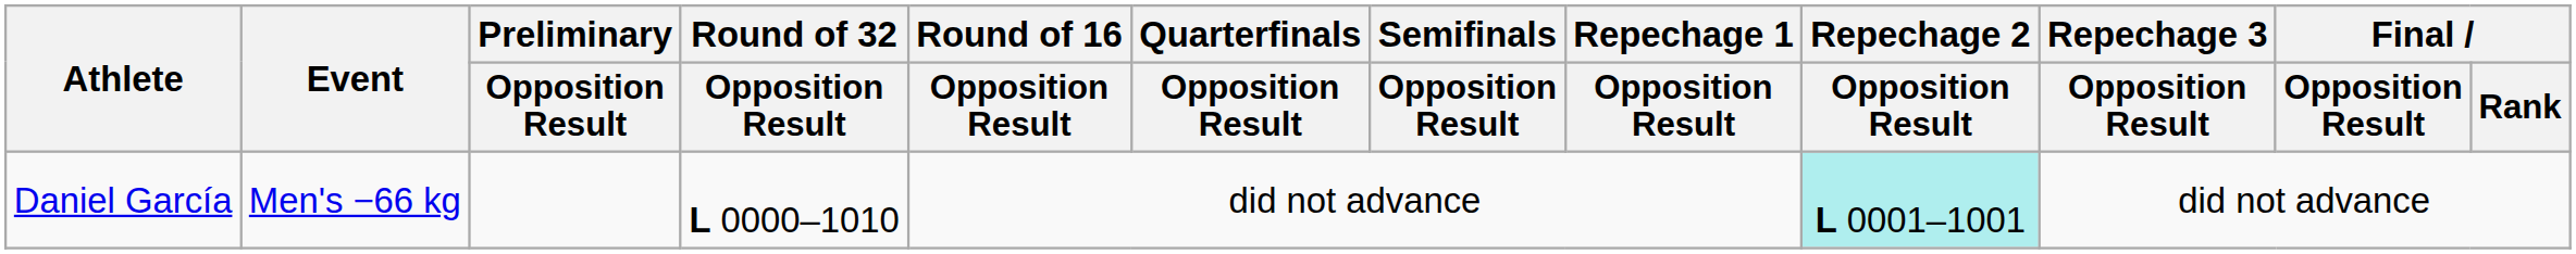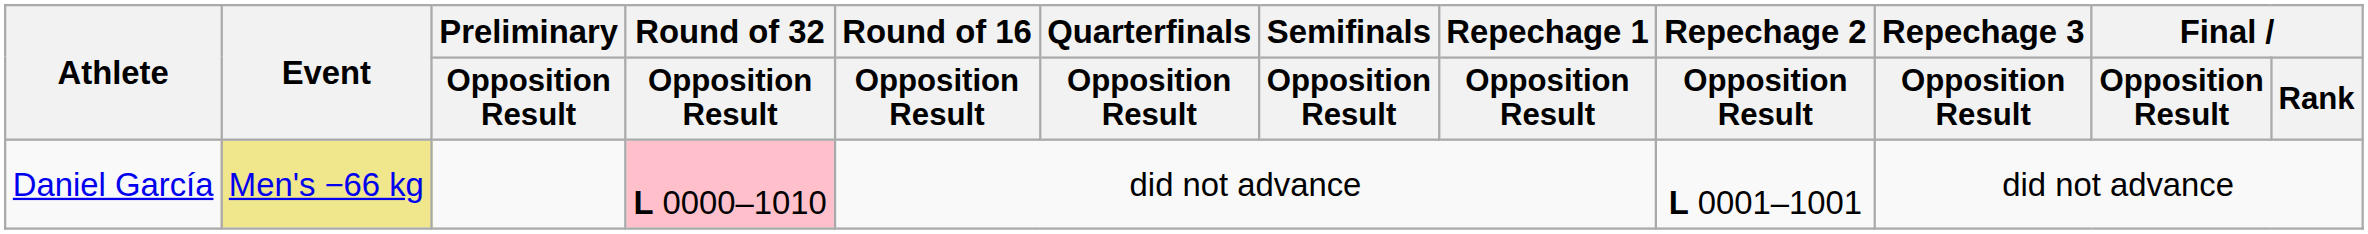 <table class="wikitable" style="font-size:90%">
 <tr>
 <th rowspan="2">Athlete</th>
 <th rowspan="2">Event</th>
 <th>Preliminary</th>
 <th>Round of 32</th>
 <th>Round of 16</th>
 <th>Quarterfinals</th>
 <th>Semifinals</th>
 <th>Repechage 1</th>
 <th>Repechage 2</th>
 <th>Repechage 3</th>
 <th colspan=2>Final / </th>
 </tr>
 <tr style="font-size:95%">
 <th>Opposition<br>Result</th>
 <th>Opposition<br>Result</th>
 <th>Opposition<br>Result</th>
 <th>Opposition<br>Result</th>
 <th>Opposition<br>Result</th>
 <th>Opposition<br>Result</th>
 <th>Opposition<br>Result</th>
 <th>Opposition<br>Result</th>
 <th>Opposition<br>Result</th>
 <th>Rank</th>
 </tr>
 <tr align=center>
 <td align=left><a href='#'>Daniel García</a></td>
-<td align=left><a href='#'>Men's −66 kg</a></td>
+<td align=left style="background: khaki;"><a href='#'>Men's −66 kg</a></td>
 <td></td>
-<td><br><strong>L</strong> 0000–1010</td>
+<td style="background: pink;"><br><strong>L</strong> 0000–1010</td>
 <td colspan=4>did not advance</td>
-<td style="background: paleturquoise;"><br><strong>L</strong> 0001–1001</td>
+<td><br><strong>L</strong> 0001–1001</td>
 <td colspan=4>did not advance</td>
 </tr>
 </table>
